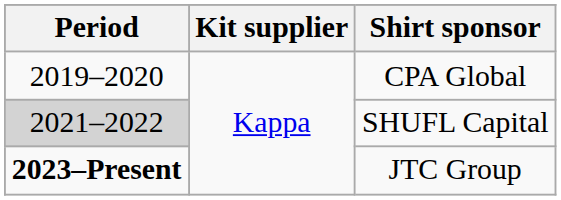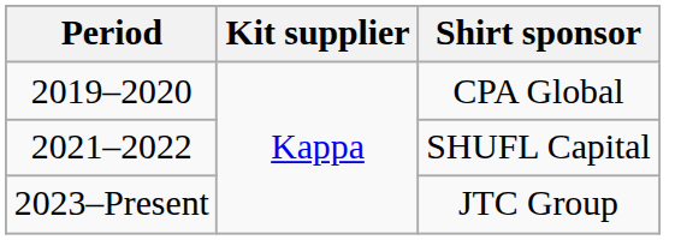 <table class="wikitable" style="text-align:center">
 <tr>
 <th>Period</th>
 <th>Kit supplier</th>
 <th>Shirt sponsor</th>
 </tr>
 <tr>
 <td>2019–2020</td>
 <td rowspan="3"><a href='#'>Kappa</a></td>
 <td>CPA Global </td>
 </tr>
 <tr>
-<td style="background: lightgrey;">2021–2022</td>
+<td>2021–2022</td>
 <td>SHUFL Capital </td>
 </tr>
 <tr>
-<td><strong>2023–Present</strong></td>
+<td>2023–Present</td>
 <td>JTC Group </td>
 </tr>
 </table>
